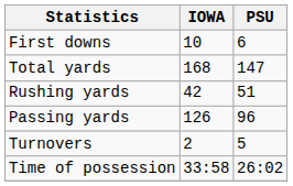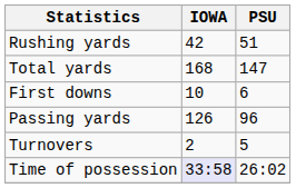 <table class="wikitable">
 <tr>
 <th>Statistics</th>
 <th>IOWA</th>
 <th>PSU</th>
 </tr>
 <tr>
-<td>First downs</td>
-<td>10</td>
-<td>6</td>
+<td>Rushing yards</td>
+<td>42</td>
+<td>51</td>
 </tr>
 <tr>
 <td>Total yards</td>
 <td>168</td>
 <td>147</td>
 </tr>
 <tr>
-<td>Rushing yards</td>
-<td>42</td>
-<td>51</td>
+<td>First downs</td>
+<td>10</td>
+<td>6</td>
 </tr>
 <tr>
 <td>Passing yards</td>
 <td>126</td>
 <td>96</td>
 </tr>
 <tr>
 <td>Turnovers</td>
 <td>2</td>
 <td>5</td>
 </tr>
 <tr>
 <td>Time of possession</td>
-<td>33:58</td>
+<td style="background: lavender;">33:58</td>
 <td>26:02</td>
 </tr>
 <tr>
 </tr>
 </table>
